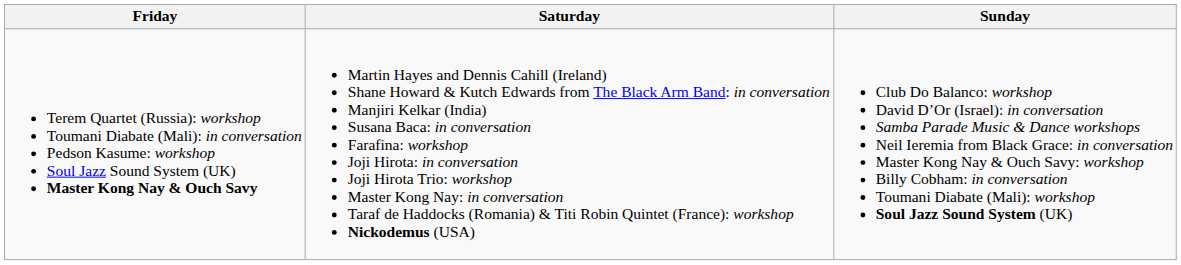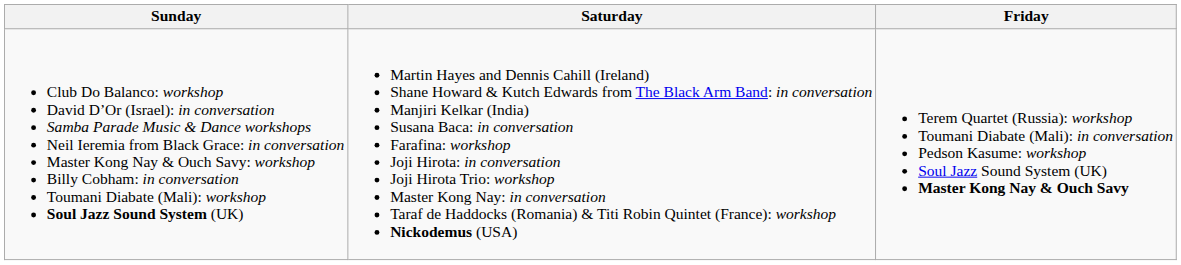 <table class="wikitable">
 <tr>
+<th>Sunday</th>
+<th>Saturday</th>
 <th>Friday</th>
-<th>Saturday</th>
-<th>Sunday</th>
 </tr>
 <tr>
+<td><br><ul><li>Club Do Balanco: <em>workshop</em></li><li>David D’Or (Israel): <em>in conversation</em></li><li><em>Samba Parade Music & Dance workshops</em></li><li>Neil Ieremia from Black Grace: <em>in conversation</em></li><li>Master Kong Nay & Ouch Savy: <em>workshop</em></li><li>Billy Cobham: <em>in conversation</em></li><li>Toumani Diabate (Mali): <em>workshop</em></li><li><strong>Soul Jazz Sound System</strong> (UK)</li></ul></td>
+<td><br><ul><li>Martin Hayes and Dennis Cahill (Ireland)</li><li>Shane Howard & Kutch Edwards from <a href='#'>The Black Arm Band</a>: <em>in conversation</em></li><li>Manjiri Kelkar (India)</li><li>Susana Baca: <em>in conversation</em></li><li>Farafina: <em>workshop</em></li><li>Joji Hirota: <em>in conversation</em></li><li>Joji Hirota Trio: <em>workshop</em></li><li>Master Kong Nay: <em>in conversation</em></li><li>Taraf de Haddocks (Romania) & Titi Robin Quintet (France): <em>workshop</em></li><li><strong>Nickodemus</strong> (USA)</li></ul></td>
 <td><br><ul><li>Terem Quartet (Russia): <em>workshop</em></li><li>Toumani Diabate (Mali): <em>in conversation</em></li><li>Pedson Kasume: <em>workshop</em></li><li><a href='#'>Soul Jazz</a> Sound System (UK)</li><li><strong>Master Kong Nay & Ouch Savy</strong></li></ul></td>
-<td><br><ul><li>Martin Hayes and Dennis Cahill (Ireland)</li><li>Shane Howard & Kutch Edwards from <a href='#'>The Black Arm Band</a>: <em>in conversation</em></li><li>Manjiri Kelkar (India)</li><li>Susana Baca: <em>in conversation</em></li><li>Farafina: <em>workshop</em></li><li>Joji Hirota: <em>in conversation</em></li><li>Joji Hirota Trio: <em>workshop</em></li><li>Master Kong Nay: <em>in conversation</em></li><li>Taraf de Haddocks (Romania) & Titi Robin Quintet (France): <em>workshop</em></li><li><strong>Nickodemus</strong> (USA)</li></ul></td>
-<td><br><ul><li>Club Do Balanco: <em>workshop</em></li><li>David D’Or (Israel): <em>in conversation</em></li><li><em>Samba Parade Music & Dance workshops</em></li><li>Neil Ieremia from Black Grace: <em>in conversation</em></li><li>Master Kong Nay & Ouch Savy: <em>workshop</em></li><li>Billy Cobham: <em>in conversation</em></li><li>Toumani Diabate (Mali): <em>workshop</em></li><li><strong>Soul Jazz Sound System</strong> (UK)</li></ul></td>
 </tr>
 </table>
